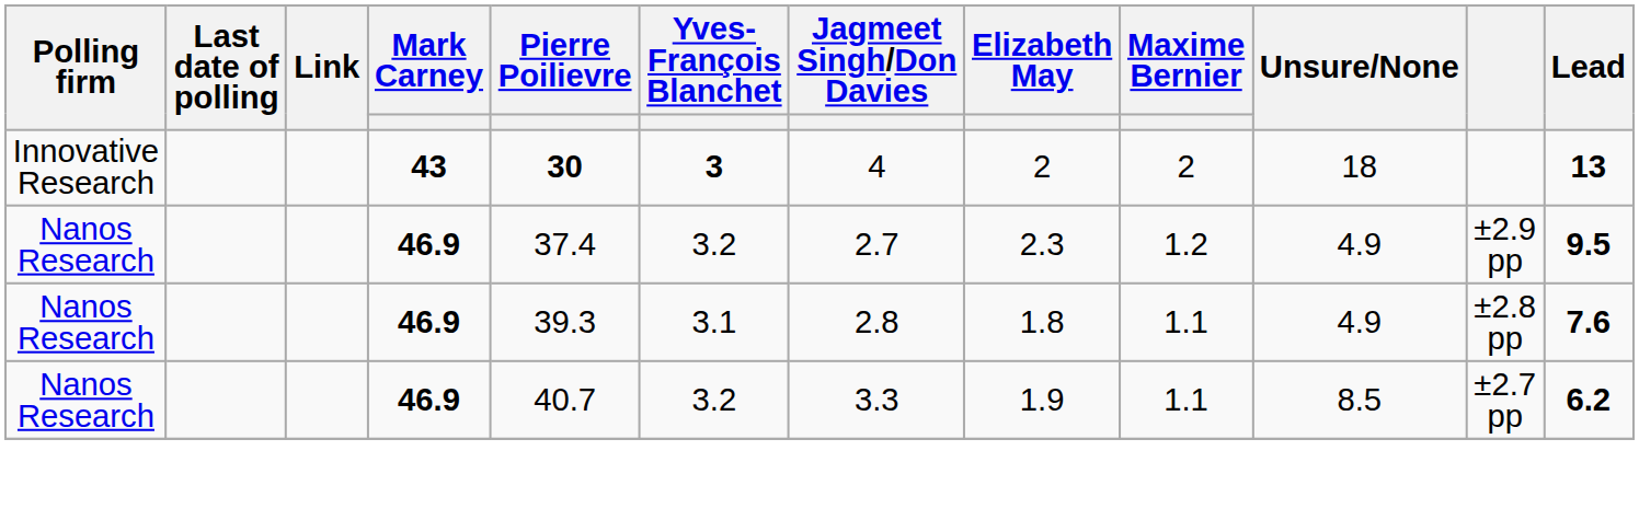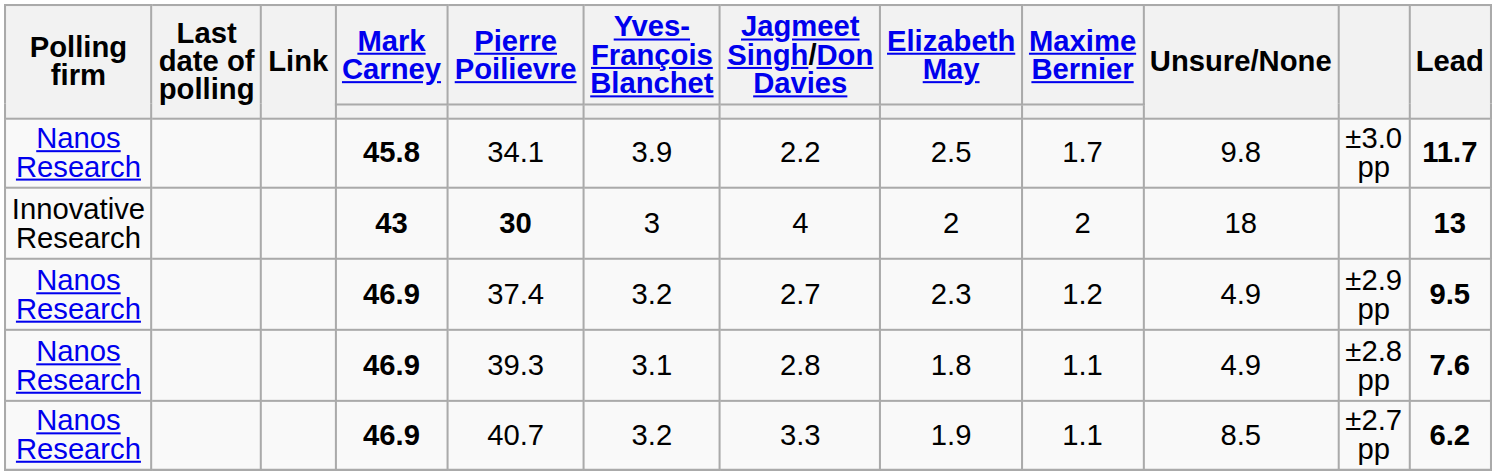 <table class="wikitable sortable mw-datatable mw-collapsible"" style="text-align:center;font-size:90%;line-height:14px;">
 <tr>
 <th rowspan="2">Polling firm</th>
 <th rowspan="2">Last date of polling</th>
 <th rowspan="2">Link</th>
 <th style="width:40px;"><a href='#'>Mark Carney</a></th>
 <th style="width:40px;"><a href='#'>Pierre Poilievre</a></th>
 <th style="width:40px;"><a href='#'>Yves-François Blanchet</a></th>
 <th style="width:40px;"><a href='#'>Jagmeet Singh</a>/<a href='#'>Don Davies</a></th>
 <th style="width:40px;"><a href='#'>Elizabeth May</a></th>
 <th style="width:40px;"><a href='#'>Maxime Bernier</a></th>
 <th rowspan="2">Unsure/None</th>
 <th rowspan="2"></th>
 <th rowspan="2">Lead</th>
 </tr>
 <tr class="sorttop">
 <th style="background-color:"></th>
 <th style="background-color:"></th>
 <th style="background-color:"></th>
 <th style="background-color:"></th>
 <th style="background-color:"></th>
 <th style="background-color:"></th>
 </tr>
 <tr>
+<td><a href='#'>Nanos Research</a></td>
+<td></td>
+<td></td>
+<td><strong>45.8</strong></td>
+<td>34.1</td>
+<td>3.9</td>
+<td>2.2</td>
+<td>2.5</td>
+<td>1.7</td>
+<td>9.8</td>
+<td>±3.0 pp</td>
+<td><strong>11.7</strong></td>
+</tr>
+<tr>
 <td>Innovative Research</td>
 <td></td>
 <td></td>
 <td><strong>43</strong></td>
 <td><strong>30</strong></td>
-<td><strong>3</strong></td>
+<td>3</td>
 <td>4</td>
 <td>2</td>
 <td>2</td>
 <td>18</td>
 <td></td>
 <td><strong>13</strong></td>
 </tr>
 <tr>
 <td><a href='#'>Nanos Research</a></td>
 <td></td>
 <td></td>
 <td><strong>46.9</strong></td>
 <td>37.4</td>
 <td>3.2</td>
 <td>2.7</td>
 <td>2.3</td>
 <td>1.2</td>
 <td>4.9</td>
 <td>±2.9 pp</td>
 <td><strong>9.5</strong></td>
 </tr>
 <tr>
 <td><a href='#'>Nanos Research</a></td>
 <td></td>
 <td></td>
 <td><strong>46.9</strong></td>
 <td>39.3</td>
 <td>3.1</td>
 <td>2.8</td>
 <td>1.8</td>
 <td>1.1</td>
 <td>4.9</td>
 <td>±2.8 pp</td>
 <td><strong>7.6</strong></td>
 </tr>
 <tr>
 <td><a href='#'>Nanos Research</a></td>
 <td></td>
 <td></td>
 <td><strong>46.9</strong></td>
 <td>40.7</td>
 <td>3.2</td>
 <td>3.3</td>
 <td>1.9</td>
 <td>1.1</td>
 <td>8.5</td>
 <td>±2.7 pp</td>
 <td><strong>6.2</strong></td>
 </tr>
 <tr>
 </tr>
 </table>
